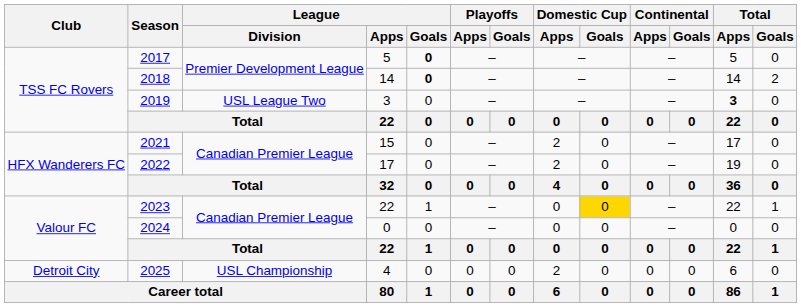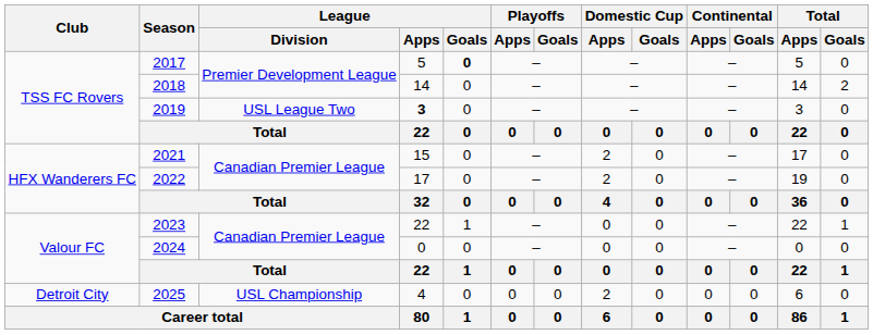 <table class="wikitable" style="text-align: center">
 <tr>
 <th rowspan="2">Club</th>
 <th rowspan="2">Season</th>
 <th colspan="3">League</th>
 <th colspan="2">Playoffs</th>
 <th colspan="2">Domestic Cup</th>
 <th colspan="2">Continental</th>
 <th colspan="2">Total</th>
 </tr>
 <tr>
 <th>Division</th>
 <th>Apps</th>
 <th>Goals</th>
 <th>Apps</th>
 <th>Goals</th>
 <th>Apps</th>
 <th>Goals</th>
 <th>Apps</th>
 <th>Goals</th>
 <th>Apps</th>
 <th>Goals</th>
 </tr>
 <tr>
 <td rowspan=4><a href='#'>TSS FC Rovers</a></td>
 <td><a href='#'>2017</a></td>
 <td rowspan=2><a href='#'>Premier Development League</a></td>
 <td>5</td>
 <td><strong>0</strong></td>
 <td colspan="2">–</td>
 <td colspan="2">–</td>
 <td colspan="2">–</td>
 <td>5</td>
 <td>0</td>
 </tr>
 <tr>
 <td><a href='#'>2018</a></td>
 <td>14</td>
-<td><strong>0</strong></td>
+<td>0</td>
 <td colspan="2">–</td>
 <td colspan="2">–</td>
 <td colspan="2">–</td>
 <td>14</td>
 <td>2</td>
 </tr>
 <tr>
 <td><a href='#'>2019</a></td>
 <td><a href='#'>USL League Two</a></td>
-<td>3</td>
+<td><strong>3</strong></td>
 <td>0</td>
 <td colspan="2">–</td>
 <td colspan="2">–</td>
 <td colspan="2">–</td>
-<td><strong>3</strong></td>
+<td>3</td>
 <td>0</td>
 </tr>
 <tr>
 <th colspan="2">Total</th>
 <th>22</th>
 <th>0</th>
 <th>0</th>
 <th>0</th>
 <th>0</th>
 <th>0</th>
 <th>0</th>
 <th>0</th>
 <th>22</th>
 <th>0</th>
 </tr>
 <tr>
 <td rowspan=3><a href='#'>HFX Wanderers FC</a></td>
 <td><a href='#'>2021</a></td>
 <td rowspan=2><a href='#'>Canadian Premier League</a></td>
 <td>15</td>
 <td>0</td>
 <td colspan="2">–</td>
 <td>2</td>
 <td>0</td>
 <td colspan="2">–</td>
 <td>17</td>
 <td>0</td>
 </tr>
 <tr>
 <td><a href='#'>2022</a></td>
 <td>17</td>
 <td>0</td>
 <td colspan="2">–</td>
 <td>2</td>
 <td>0</td>
 <td colspan="2">–</td>
 <td>19</td>
 <td>0</td>
 </tr>
 <tr>
 <th colspan="2">Total</th>
 <th>32</th>
 <th>0</th>
 <th>0</th>
 <th>0</th>
 <th>4</th>
 <th>0</th>
 <th>0</th>
 <th>0</th>
 <th>36</th>
 <th>0</th>
 </tr>
 <tr>
 <td rowspan=3><a href='#'>Valour FC</a></td>
 <td><a href='#'>2023</a></td>
 <td rowspan=2><a href='#'>Canadian Premier League</a></td>
 <td>22</td>
 <td>1</td>
 <td colspan="2">–</td>
 <td>0</td>
-<td style="background: gold;">0</td>
+<td>0</td>
 <td colspan="2">–</td>
 <td>22</td>
 <td>1</td>
 </tr>
 <tr>
 <td><a href='#'>2024</a></td>
 <td>0</td>
 <td>0</td>
 <td colspan="2">–</td>
 <td>0</td>
 <td>0</td>
 <td colspan="2">–</td>
 <td>0</td>
 <td>0</td>
 </tr>
 <tr>
 <th colspan="2">Total</th>
 <th>22</th>
 <th>1</th>
 <th>0</th>
 <th>0</th>
 <th>0</th>
 <th>0</th>
 <th>0</th>
 <th>0</th>
 <th>22</th>
 <th>1</th>
 </tr>
 <tr>
 <td><a href='#'>Detroit City</a></td>
 <td><a href='#'>2025</a></td>
 <td><a href='#'>USL Championship</a></td>
 <td>4</td>
 <td>0</td>
 <td>0</td>
 <td>0</td>
 <td>2</td>
 <td>0</td>
 <td>0</td>
 <td>0</td>
 <td>6</td>
 <td>0</td>
 </tr>
 <tr>
 <th colspan="3"><strong>Career total</strong></th>
 <th>80</th>
 <th>1</th>
 <th>0</th>
 <th>0</th>
 <th>6</th>
 <th>0</th>
 <th>0</th>
 <th>0</th>
 <th>86</th>
 <th>1</th>
 </tr>
 </table>
